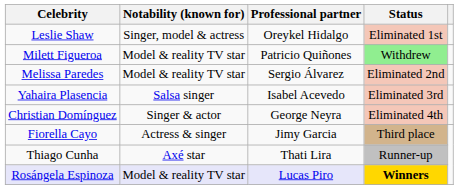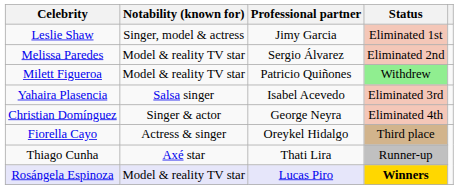 <table class= "wikitable sortable" style="text-align: center; margin:auto; align: center">
 <tr>
 <th>Celebrity</th>
 <th>Notability (known for)</th>
 <th>Professional partner</th>
 <th>Status</th>
 <th class="unsortable"></th>
 </tr>
 <tr>
 <td><a href='#'>Leslie Shaw</a></td>
 <td>Singer, model & actress</td>
-<td>Oreykel Hidalgo</td>
+<td>Jimy Garcia<br></td>
 <td style="background:#f4c7b8;">Eliminated 1st<br></td>
+<td></td>
+</tr>
+<tr>
+<td><a href='#'>Melissa Paredes</a></td>
+<td>Model & reality TV star</td>
+<td>Sergio Álvarez</td>
+<td style="background:#f4c7b8;">Eliminated 2nd<br></td>
 <td></td>
 </tr>
 <tr>
 <td><a href='#'>Milett Figueroa</a></td>
 <td>Model & reality TV star</td>
 <td>Patricio Quiñones</td>
 <td style="background:lightgreen;">Withdrew<br></td>
-<td></td>
-</tr>
-<tr>
-<td><a href='#'>Melissa Paredes</a></td>
-<td>Model & reality TV star</td>
-<td>Sergio Álvarez</td>
-<td style="background:#f4c7b8;">Eliminated 2nd<br></td>
 <td></td>
 </tr>
 <tr>
 <td><a href='#'>Yahaira Plasencia</a></td>
 <td><a href='#'>Salsa</a> singer</td>
 <td>Isabel Acevedo<br></td>
 <td style="background:#f4c7b8;">Eliminated 3rd<br></td>
 <td></td>
 </tr>
 <tr>
 <td><a href='#'>Christian Domínguez</a></td>
 <td>Singer & actor</td>
 <td>George Neyra<br></td>
 <td style="background:#f4c7b8;">Eliminated 4th<br></td>
 <td></td>
 </tr>
 <tr>
 <td><a href='#'>Fiorella Cayo</a></td>
 <td>Actress & singer</td>
-<td>Jimy Garcia<br></td>
+<td>Oreykel Hidalgo</td>
 <td style="background:tan">Third place<br></td>
 <td rowspan="3"></td>
 </tr>
 <tr>
 <td>Thiago Cunha</td>
 <td><a href='#'>Axé</a> star</td>
 <td>Thati Lira<br></td>
 <td style="background:Silver">Runner-up<br></td>
 </tr>
 <tr>
 <td style="background:lavender;"><a href='#'>Rosángela Espinoza</a></td>
 <td style="background:lavender;">Model & reality TV star</td>
 <td style="background:lavender;"><a href='#'>Lucas Piro</a><br></td>
 <td style="background:gold"><strong>Winners</strong><br></td>
 </tr>
 </table>
